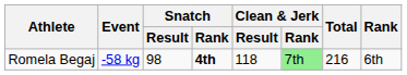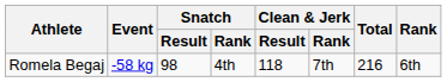 <table class="wikitable" style="font-size:90%">
 <tr>
 <th rowspan="2">Athlete</th>
 <th rowspan="2">Event</th>
 <th colspan="2">Snatch</th>
 <th colspan="2">Clean & Jerk</th>
 <th rowspan="2">Total</th>
 <th rowspan="2">Rank</th>
 </tr>
 <tr>
 <th>Result</th>
 <th>Rank</th>
 <th>Result</th>
 <th>Rank</th>
 </tr>
 <tr>
 <td>Romela Begaj</td>
 <td><a href='#'>-58 kg</a></td>
 <td>98</td>
-<td><strong>4th</strong></td>
+<td>4th</td>
 <td>118</td>
-<td style="background: lightgreen;">7th</td>
+<td>7th</td>
 <td>216</td>
 <td>6th</td>
 </tr>
 </table>
